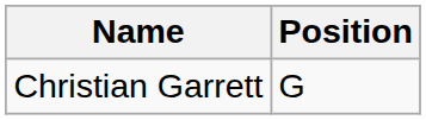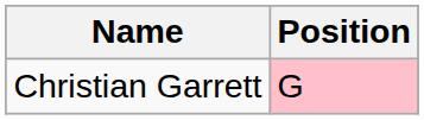 <table class="wikitable">
 <tr>
 <th>Name</th>
 <th>Position</th>
 </tr>
 <tr>
 <td>Christian Garrett</td>
-<td>G</td>
+<td style="background: pink;">G</td>
 </tr>
 </table>
